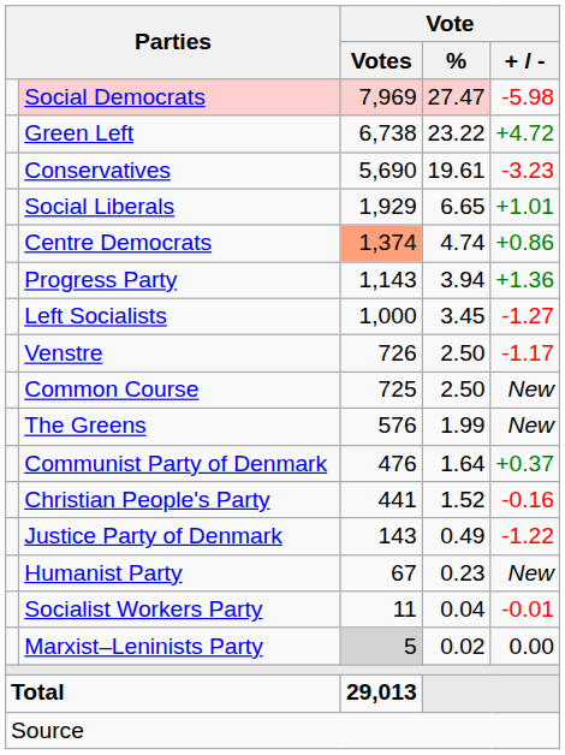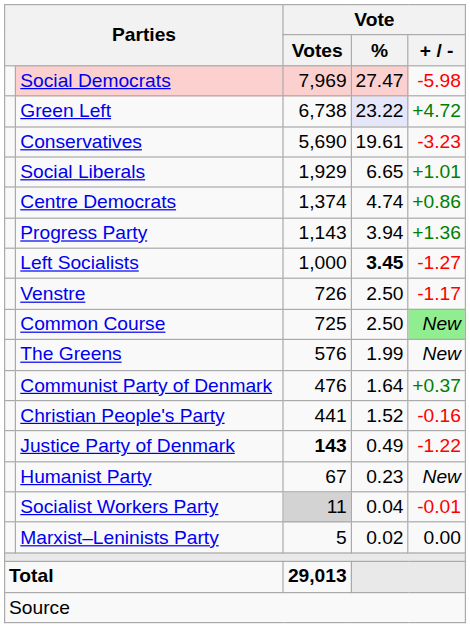 <table class="wikitable" style="text-align:right;">
 <tr>
 <th style="text-align:centre;" rowspan="2" colspan="2" width="225">Parties</th>
 <th colspan="3">Vote</th>
 </tr>
 <tr>
 <th width="15">Votes</th>
 <th width="15">%</th>
 <th width="15">+ / -</th>
 </tr>
 <tr>
 <td width="2" style="color:inherit;background:"></td>
 <td bgcolor=#fbd0ce  align="left"><a href='#'>Social Democrats</a></td>
 <td bgcolor=#fbd0ce>7,969</td>
 <td bgcolor=#fbd0ce>27.47</td>
 <td style=color:red;>-5.98</td>
 </tr>
 <tr>
 <td width="2" style="color:inherit;background:"></td>
 <td align="left"><a href='#'>Green Left</a></td>
 <td>6,738</td>
-<td>23.22</td>
+<td style="background: lavender;">23.22</td>
 <td style=color:green;>+4.72</td>
 </tr>
 <tr>
 <td width="2" style="color:inherit;background:"></td>
 <td align="left"><a href='#'>Conservatives</a></td>
 <td>5,690</td>
 <td>19.61</td>
 <td style=color:red;>-3.23</td>
 </tr>
 <tr>
 <td width="2" style="color:inherit;background:"></td>
 <td align="left"><a href='#'>Social Liberals</a></td>
 <td>1,929</td>
 <td>6.65</td>
 <td style=color:green;>+1.01</td>
 </tr>
 <tr>
 <td width="2" style="color:inherit;background:"></td>
 <td align="left"><a href='#'>Centre Democrats</a></td>
-<td style="background: lightsalmon;">1,374</td>
+<td>1,374</td>
 <td>4.74</td>
 <td style=color:green;>+0.86</td>
 </tr>
 <tr>
 <td width="2" style="color:inherit;background:"></td>
 <td align="left"><a href='#'>Progress Party</a></td>
 <td>1,143</td>
 <td>3.94</td>
 <td style=color:green;>+1.36</td>
 </tr>
 <tr>
 <td width="2" style="color:inherit;background:"></td>
 <td align="left"><a href='#'>Left Socialists</a></td>
 <td>1,000</td>
-<td>3.45</td>
+<td><strong>3.45</strong></td>
 <td style=color:red;>-1.27</td>
 </tr>
 <tr>
 <td width="2" style="color:inherit;background:"></td>
 <td align="left"><a href='#'>Venstre</a></td>
 <td>726</td>
 <td>2.50</td>
 <td style=color:red;>-1.17</td>
 </tr>
 <tr>
 <td width="2" style="color:inherit;background:"></td>
 <td align="left"><a href='#'>Common Course</a></td>
 <td>725</td>
 <td>2.50</td>
-<td><em>New</em></td>
+<td style="background: lightgreen;"><em>New</em></td>
 </tr>
 <tr>
 <td width="2" style="color:inherit;background:"></td>
 <td align="left"><a href='#'>The Greens</a></td>
 <td>576</td>
 <td>1.99</td>
 <td><em>New</em></td>
 </tr>
 <tr>
 <td width="2" style="color:inherit;background:"></td>
 <td align="left"><a href='#'>Communist Party of Denmark</a></td>
 <td>476</td>
 <td>1.64</td>
 <td style=color:green;>+0.37</td>
 </tr>
 <tr>
 <td width="2" style="color:inherit;background:"></td>
 <td align="left"><a href='#'>Christian People's Party</a></td>
 <td>441</td>
 <td>1.52</td>
 <td style=color:red;>-0.16</td>
 </tr>
 <tr>
 <td width="2" style="color:inherit;background:"></td>
 <td align="left"><a href='#'>Justice Party of Denmark</a></td>
-<td>143</td>
+<td><strong>143</strong></td>
 <td>0.49</td>
 <td style=color:red;>-1.22</td>
 </tr>
 <tr>
 <td width="2" style="color:inherit;background:"></td>
 <td align="left"><a href='#'>Humanist Party</a></td>
 <td>67</td>
 <td>0.23</td>
 <td><em>New</em></td>
 </tr>
 <tr>
 <td width="2" style="color:inherit;background:"></td>
 <td align="left"><a href='#'>Socialist Workers Party</a></td>
-<td>11</td>
+<td style="background: lightgrey;">11</td>
 <td>0.04</td>
 <td style=color:red;>-0.01</td>
 </tr>
 <tr>
 <td width="2" style="color:inherit;background:"></td>
 <td align="left"><a href='#'>Marxist–Leninists Party</a></td>
-<td style="background: lightgrey;">5</td>
+<td>5</td>
 <td>0.02</td>
 <td>0.00</td>
 </tr>
 <tr>
 <td colspan="7" bgcolor="#E9E9E9"></td>
 </tr>
 <tr>
 <td align="left" colspan="2"><strong>Total</strong></td>
 <td><strong>29,013</strong></td>
 <td bgcolor="#E9E9E9" colspan="2"></td>
 </tr>
 <tr>
 <td align="left" colspan="6">Source</td>
 </tr>
 </table>
